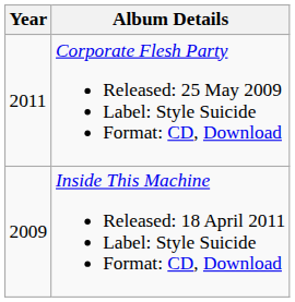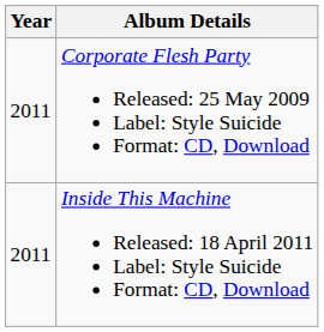 <table class="wikitable">
 <tr>
 <th>Year</th>
 <th>Album Details</th>
 </tr>
 <tr>
 <td>2011</td>
 <td><em><a href='#'>Corporate Flesh Party</a></em><br><ul><li>Released: 25 May 2009</li><li>Label: Style Suicide</li><li>Format: <a href='#'>CD</a>, <a href='#'>Download</a></li></ul></td>
 </tr>
 <tr>
-<td>2009</td>
+<td>2011</td>
 <td><em><a href='#'>Inside This Machine</a></em><br><ul><li>Released: 18 April 2011</li><li>Label: Style Suicide</li><li>Format: <a href='#'>CD</a>, <a href='#'>Download</a></li></ul></td>
 </tr>
 </table>
